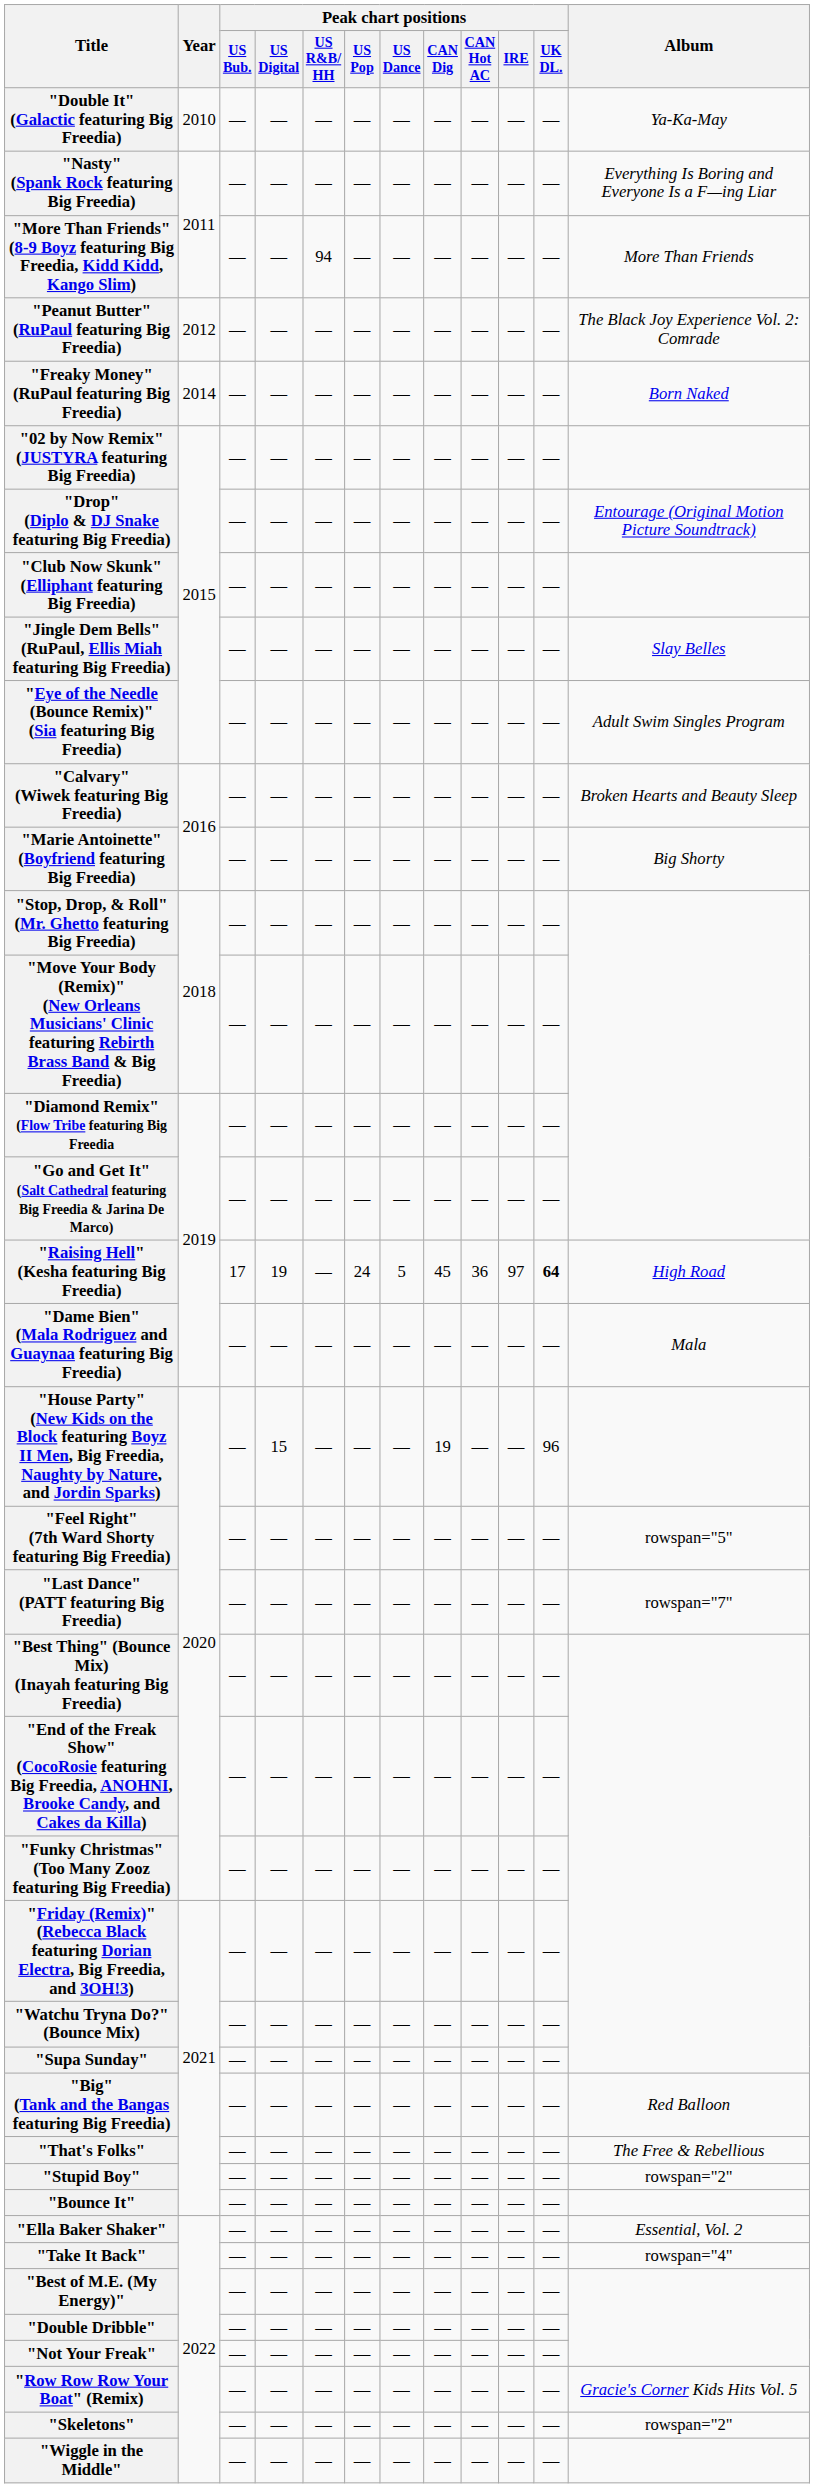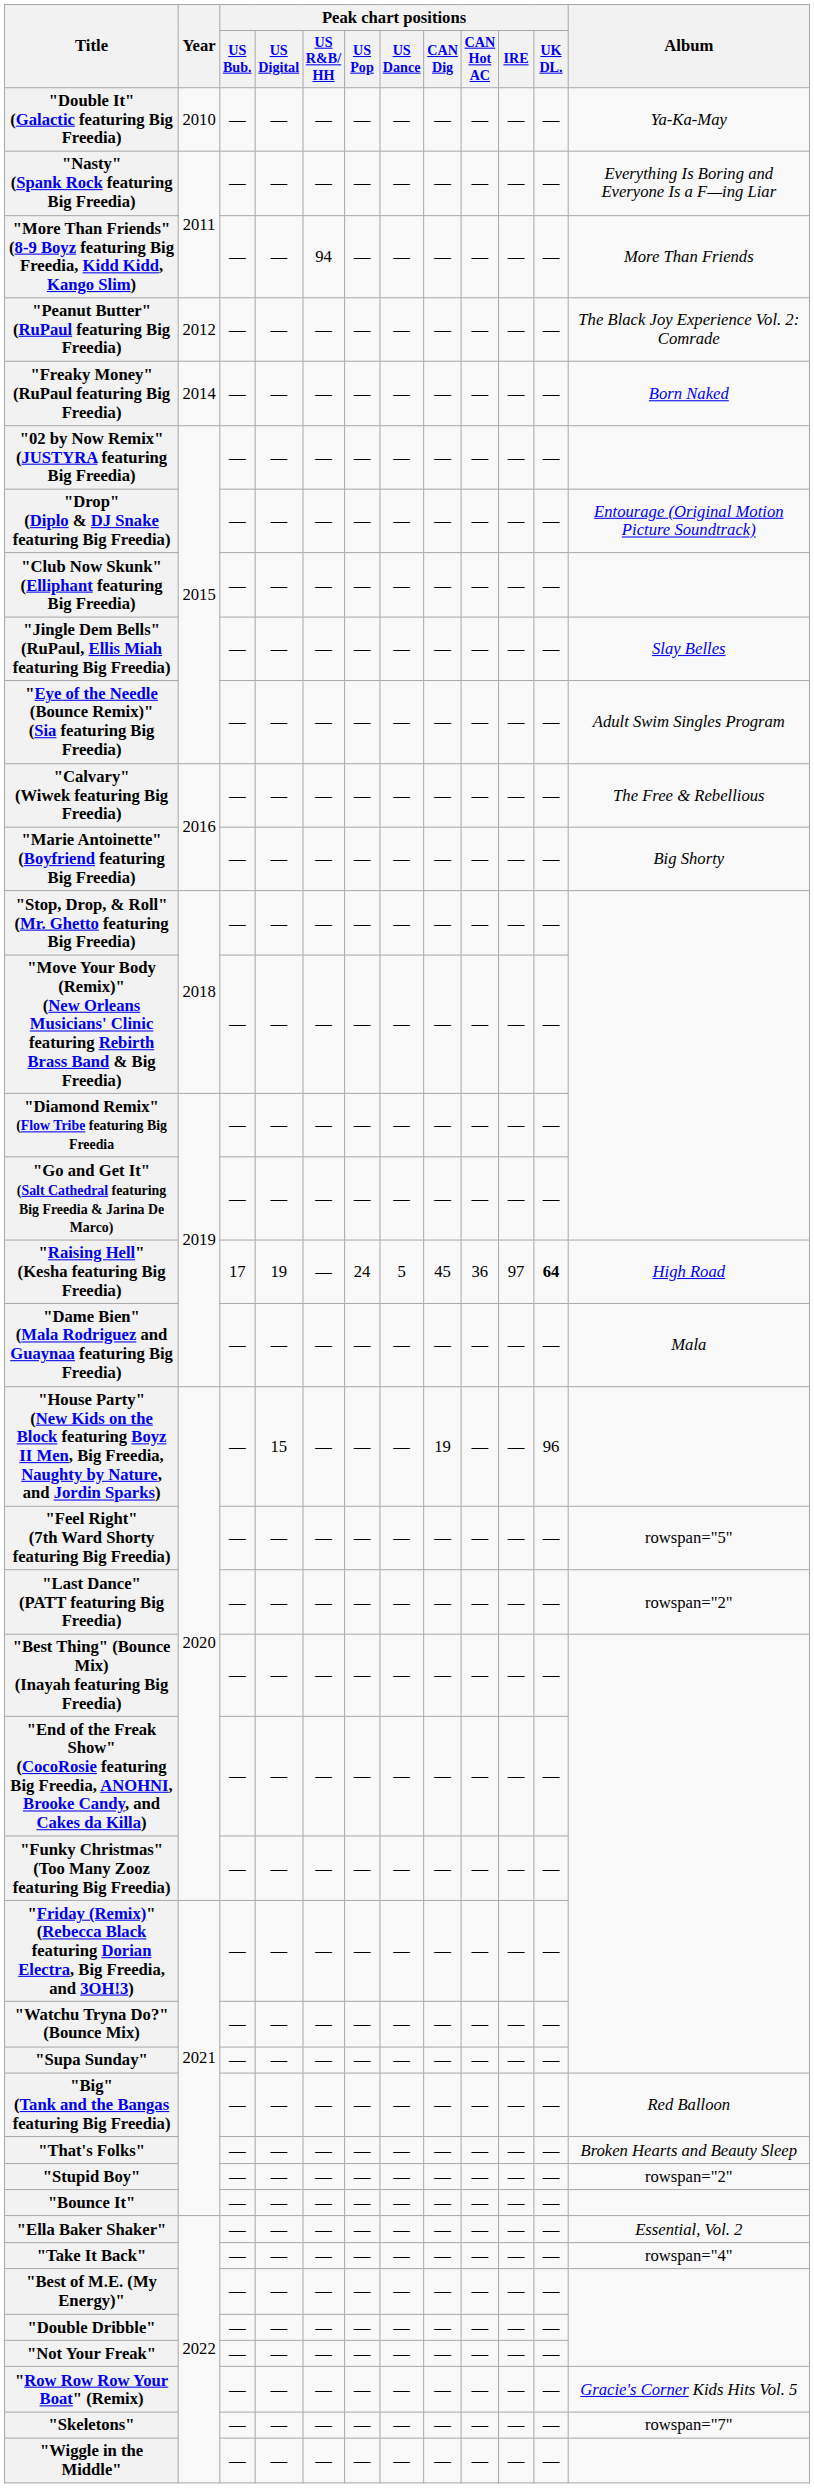 <table class="wikitable plainrowheaders" style="text-align: center;">
 <tr>
 <th scope="col" rowspan="2" style="width:10em;">Title</th>
 <th scope="col" rowspan="2" style="width:1em;">Year</th>
 <th scope="col" colspan="9">Peak chart positions</th>
 <th scope="col" rowspan="2" style="width:14em;">Album</th>
 </tr>
 <tr>
 <th scope="col" style="width:2em;font-size:85%;"><a href='#'>US<br>Bub.</a><br></th>
 <th scope="col" style="width:2em;font-size:85%;"><a href='#'>US<br>Digital</a><br></th>
 <th scope="col" style="width:2em;font-size:85%;"><a href='#'>US<br>R&B/<br>HH</a><br></th>
 <th scope="col" style="width:2em;font-size:85%;"><a href='#'>US<br>Pop</a><br></th>
 <th scope="col" style="width:2em;font-size:85%;"><a href='#'>US<br>Dance</a><br></th>
 <th scope="col" style="width:2em;font-size:85%;"><a href='#'>CAN<br>Dig</a><br></th>
 <th scope="col" style="width:2em;font-size:85%;"><a href='#'>CAN<br>Hot<br>AC</a><br></th>
 <th scope="col" style="width:2em;font-size:85%;"><a href='#'>IRE</a><br></th>
 <th scope="col" style="width:2em;font-size:85%;"><a href='#'>UK<br>DL.</a></th>
 </tr>
 <tr>
 <th scope="row">"Double It"<br><span>(<a href='#'>Galactic</a> featuring Big Freedia)</span></th>
 <td>2010</td>
 <td>—</td>
 <td>—</td>
 <td>—</td>
 <td>—</td>
 <td>—</td>
 <td>—</td>
 <td>—</td>
 <td>—</td>
 <td>—</td>
 <td><em>Ya-Ka-May</em></td>
 </tr>
 <tr>
 <th scope="row">"Nasty"<br><span>(<a href='#'>Spank Rock</a> featuring Big Freedia)</span></th>
 <td rowspan="2">2011</td>
 <td>—</td>
 <td>—</td>
 <td>—</td>
 <td>—</td>
 <td>—</td>
 <td>—</td>
 <td>—</td>
 <td>—</td>
 <td>—</td>
 <td><em>Everything Is Boring and Everyone Is a F—ing Liar</em></td>
 </tr>
 <tr>
 <th scope="row">"More Than Friends"<br><span>(<a href='#'>8-9 Boyz</a> featuring Big Freedia, <a href='#'>Kidd Kidd</a>, <a href='#'>Kango Slim</a>)</span></th>
 <td>—</td>
 <td>—</td>
 <td>94</td>
 <td>—</td>
 <td>—</td>
 <td>—</td>
 <td>—</td>
 <td>—</td>
 <td>—</td>
 <td><em>More Than Friends</em></td>
 </tr>
 <tr>
 <th scope="row">"Peanut Butter"<br><span>(<a href='#'>RuPaul</a> featuring Big Freedia)</span></th>
 <td>2012</td>
 <td>—</td>
 <td>—</td>
 <td>—</td>
 <td>—</td>
 <td>—</td>
 <td>—</td>
 <td>—</td>
 <td>—</td>
 <td>—</td>
 <td><em>The Black Joy Experience Vol. 2: Comrade </em></td>
 </tr>
 <tr>
 <th scope="row">"Freaky Money"<br><span>(RuPaul featuring Big Freedia)</span></th>
 <td>2014</td>
 <td>—</td>
 <td>—</td>
 <td>—</td>
 <td>—</td>
 <td>—</td>
 <td>—</td>
 <td>—</td>
 <td>—</td>
 <td>—</td>
 <td><em><a href='#'>Born Naked</a></em></td>
 </tr>
 <tr>
 <th scope="row">"02 by Now Remix"<br><span>(<a href='#'>JUSTYRA</a> featuring Big Freedia)</span></th>
 <td rowspan="5">2015</td>
 <td>—</td>
 <td>—</td>
 <td>—</td>
 <td>—</td>
 <td>—</td>
 <td>—</td>
 <td>—</td>
 <td>—</td>
 <td>—</td>
 <td></td>
 </tr>
 <tr>
 <th scope="row">"Drop"<br><span>(<a href='#'>Diplo</a> & <a href='#'>DJ Snake</a> featuring Big Freedia)</span></th>
 <td>—</td>
 <td>—</td>
 <td>—</td>
 <td>—</td>
 <td>—</td>
 <td>—</td>
 <td>—</td>
 <td>—</td>
 <td>—</td>
 <td><em><a href='#'>Entourage (Original Motion Picture Soundtrack)</a></em></td>
 </tr>
 <tr>
 <th scope="row">"Club Now Skunk"<br><span>(<a href='#'>Elliphant</a> featuring Big Freedia)</span></th>
 <td>—</td>
 <td>—</td>
 <td>—</td>
 <td>—</td>
 <td>—</td>
 <td>—</td>
 <td>—</td>
 <td>—</td>
 <td>—</td>
 <td></td>
 </tr>
 <tr>
 <th scope="row">"Jingle Dem Bells"<br><span>(RuPaul, <a href='#'>Ellis Miah</a> featuring Big Freedia)</span></th>
 <td>—</td>
 <td>—</td>
 <td>—</td>
 <td>—</td>
 <td>—</td>
 <td>—</td>
 <td>—</td>
 <td>—</td>
 <td>—</td>
 <td><em><a href='#'>Slay Belles</a></em></td>
 </tr>
 <tr>
 <th scope="row">"<a href='#'>Eye of the Needle</a> (Bounce Remix)"<br><span>(<a href='#'>Sia</a> featuring Big Freedia)</span></th>
 <td>—</td>
 <td>—</td>
 <td>—</td>
 <td>—</td>
 <td>—</td>
 <td>—</td>
 <td>—</td>
 <td>—</td>
 <td>—</td>
 <td><em>Adult Swim Singles Program</em></td>
 </tr>
 <tr>
 <th scope="row">"Calvary"<br><span>(Wiwek featuring Big Freedia)</span></th>
 <td rowspan="2">2016</td>
 <td>—</td>
 <td>—</td>
 <td>—</td>
 <td>—</td>
 <td>—</td>
 <td>—</td>
 <td>—</td>
 <td>—</td>
 <td>—</td>
-<td><em>Broken Hearts and Beauty Sleep</em></td>
+<td><em>The Free & Rebellious</em></td>
 </tr>
 <tr>
 <th scope="row">"Marie Antoinette"<br><span>(<a href='#'>Boyfriend</a> featuring Big Freedia)</span></th>
 <td>—</td>
 <td>—</td>
 <td>—</td>
 <td>—</td>
 <td>—</td>
 <td>—</td>
 <td>—</td>
 <td>—</td>
 <td>—</td>
 <td><em>Big Shorty</em></td>
 </tr>
 <tr>
 <th scope="row">"Stop, Drop, & Roll"<br><span>(<a href='#'>Mr. Ghetto</a> featuring Big Freedia)</span></th>
 <td rowspan="2">2018</td>
 <td>—</td>
 <td>—</td>
 <td>—</td>
 <td>—</td>
 <td>—</td>
 <td>—</td>
 <td>—</td>
 <td>—</td>
 <td>—</td>
 </tr>
 <tr>
 <th scope="row">"Move Your Body (Remix)"<br><span>(<a href='#'>New Orleans Musicians' Clinic</a> featuring <a href='#'>Rebirth Brass Band</a> & Big Freedia)</span></th>
 <td>—</td>
 <td>—</td>
 <td>—</td>
 <td>—</td>
 <td>—</td>
 <td>—</td>
 <td>—</td>
 <td>—</td>
 <td>—</td>
 </tr>
 <tr>
 <th scope="row">"Diamond Remix"<br><small>(<a href='#'>Flow Tribe</a> featuring Big Freedia</small></th>
 <td rowspan="4">2019</td>
 <td>—</td>
 <td>—</td>
 <td>—</td>
 <td>—</td>
 <td>—</td>
 <td>—</td>
 <td>—</td>
 <td>—</td>
 <td>—</td>
 </tr>
 <tr>
 <th scope="row">"Go and Get It"<br><small>(<a href='#'>Salt Cathedral</a> featuring Big Freedia & Jarina De Marco)</small></th>
 <td>—</td>
 <td>—</td>
 <td>—</td>
 <td>—</td>
 <td>—</td>
 <td>—</td>
 <td>—</td>
 <td>—</td>
 <td>—</td>
 </tr>
 <tr>
 <th scope="row">"<a href='#'>Raising Hell</a>" <br><span>(Kesha featuring Big Freedia)</span></th>
 <td>17</td>
 <td>19</td>
 <td>—</td>
 <td>24</td>
 <td>5</td>
 <td>45</td>
 <td>36</td>
 <td>97</td>
 <td><strong>64</strong></td>
 <td><em><a href='#'>High Road</a></em></td>
 </tr>
 <tr>
 <th scope="row">"Dame Bien" <br><span>(<a href='#'>Mala Rodriguez</a> and <a href='#'>Guaynaa</a> featuring Big Freedia)</span></th>
 <td>—</td>
 <td>—</td>
 <td>—</td>
 <td>—</td>
 <td>—</td>
 <td>—</td>
 <td>—</td>
 <td>—</td>
 <td>—</td>
 <td><em>Mala</em></td>
 </tr>
 <tr>
 <th scope="row">"House Party" <br><span>(<a href='#'>New Kids on the Block</a> featuring  <a href='#'>Boyz II Men</a>, Big Freedia, <a href='#'>Naughty by Nature</a>, and <a href='#'>Jordin Sparks</a>)</span></th>
 <td rowspan="6">2020</td>
 <td>—</td>
 <td>15</td>
 <td>—</td>
 <td>—</td>
 <td>—</td>
 <td>19</td>
 <td>—</td>
 <td>—</td>
 <td>96</td>
 <td></td>
 </tr>
 <tr>
 <th scope="row">"Feel Right" <br><span>(7th Ward Shorty featuring Big Freedia)</span></th>
 <td>—</td>
 <td>—</td>
 <td>—</td>
 <td>—</td>
 <td>—</td>
 <td>—</td>
 <td>—</td>
 <td>—</td>
 <td>—</td>
 <td>rowspan="5" </td>
 </tr>
 <tr>
 <th scope="row">"Last Dance" <br><span>(PATT featuring Big Freedia)</span></th>
 <td>—</td>
 <td>—</td>
 <td>—</td>
 <td>—</td>
 <td>—</td>
 <td>—</td>
 <td>—</td>
 <td>—</td>
 <td>—</td>
-<td>rowspan="7" </td>
+<td>rowspan="2" </td>
 </tr>
 <tr>
 <th scope="row">"Best Thing" (Bounce Mix) <br><span>(Inayah featuring Big Freedia)</span></th>
 <td>—</td>
 <td>—</td>
 <td>—</td>
 <td>—</td>
 <td>—</td>
 <td>—</td>
 <td>—</td>
 <td>—</td>
 <td>—</td>
 </tr>
 <tr>
 <th scope="row">"End of the Freak Show"<br><span>(<a href='#'>CocoRosie</a> featuring Big Freedia, <a href='#'>ANOHNI</a>, <a href='#'>Brooke Candy</a>, and <a href='#'>Cakes da Killa</a>)</span></th>
 <td>—</td>
 <td>—</td>
 <td>—</td>
 <td>—</td>
 <td>—</td>
 <td>—</td>
 <td>—</td>
 <td>—</td>
 <td>—</td>
 </tr>
 <tr>
 <th scope="row">"Funky Christmas" <br><span>(Too Many Zooz featuring Big Freedia)</span></th>
 <td>—</td>
 <td>—</td>
 <td>—</td>
 <td>—</td>
 <td>—</td>
 <td>—</td>
 <td>—</td>
 <td>—</td>
 <td>—</td>
 </tr>
 <tr>
 <th scope="row">"<a href='#'>Friday (Remix)</a>" <br><span>(<a href='#'>Rebecca Black</a> featuring <a href='#'>Dorian Electra</a>, Big Freedia, and <a href='#'>3OH!3</a>)</span></th>
 <td rowspan="7">2021</td>
 <td>—</td>
 <td>—</td>
 <td>—</td>
 <td>—</td>
 <td>—</td>
 <td>—</td>
 <td>—</td>
 <td>—</td>
 <td>—</td>
 </tr>
 <tr>
 <th scope="row">"Watchu Tryna Do?" (Bounce Mix) </th>
 <td>—</td>
 <td>—</td>
 <td>—</td>
 <td>—</td>
 <td>—</td>
 <td>—</td>
 <td>—</td>
 <td>—</td>
 <td>—</td>
 </tr>
 <tr>
 <th scope="row">"Supa Sunday"<br></th>
 <td>—</td>
 <td>—</td>
 <td>—</td>
 <td>—</td>
 <td>—</td>
 <td>—</td>
 <td>—</td>
 <td>—</td>
 <td>—</td>
 </tr>
 <tr>
 <th scope="row">"Big" <br><span>(<a href='#'>Tank and the Bangas</a> featuring Big Freedia)</span></th>
 <td>—</td>
 <td>—</td>
 <td>—</td>
 <td>—</td>
 <td>—</td>
 <td>—</td>
 <td>—</td>
 <td>—</td>
 <td>—</td>
 <td><em>Red Balloon</em></td>
 </tr>
 <tr>
 <th scope="row">"That's Folks"<br></th>
 <td>—</td>
 <td>—</td>
 <td>—</td>
 <td>—</td>
 <td>—</td>
 <td>—</td>
 <td>—</td>
 <td>—</td>
 <td>—</td>
-<td><em>The Free & Rebellious</em></td>
+<td><em>Broken Hearts and Beauty Sleep</em></td>
 </tr>
 <tr>
 <th scope="row">"Stupid Boy"<br></th>
 <td>—</td>
 <td>—</td>
 <td>—</td>
 <td>—</td>
 <td>—</td>
 <td>—</td>
 <td>—</td>
 <td>—</td>
 <td>—</td>
 <td>rowspan="2" </td>
 </tr>
 <tr>
 <th scope="row">"Bounce It"<br></th>
 <td>—</td>
 <td>—</td>
 <td>—</td>
 <td>—</td>
 <td>—</td>
 <td>—</td>
 <td>—</td>
 <td>—</td>
 <td>—</td>
 </tr>
 <tr>
 <th scope="row">"Ella Baker Shaker"<br></th>
 <td rowspan="8">2022</td>
 <td>—</td>
 <td>—</td>
 <td>—</td>
 <td>—</td>
 <td>—</td>
 <td>—</td>
 <td>—</td>
 <td>—</td>
 <td>—</td>
 <td><em>Essential, Vol. 2</em></td>
 </tr>
 <tr>
 <th scope="row">"Take It Back"<br></th>
 <td>—</td>
 <td>—</td>
 <td>—</td>
 <td>—</td>
 <td>—</td>
 <td>—</td>
 <td>—</td>
 <td>—</td>
 <td>—</td>
 <td>rowspan="4" </td>
 </tr>
 <tr>
 <th scope="row">"Best of M.E. (My Energy)"<br></th>
 <td>—</td>
 <td>—</td>
 <td>—</td>
 <td>—</td>
 <td>—</td>
 <td>—</td>
 <td>—</td>
 <td>—</td>
 <td>—</td>
 </tr>
 <tr>
 <th scope="row">"Double Dribble"<br></th>
 <td>—</td>
 <td>—</td>
 <td>—</td>
 <td>—</td>
 <td>—</td>
 <td>—</td>
 <td>—</td>
 <td>—</td>
 <td>—</td>
 </tr>
 <tr>
 <th scope="row">"Not Your Freak"<br></th>
 <td>—</td>
 <td>—</td>
 <td>—</td>
 <td>—</td>
 <td>—</td>
 <td>—</td>
 <td>—</td>
 <td>—</td>
 <td>—</td>
 </tr>
 <tr>
 <th scope="row">"<a href='#'>Row Row Row Your Boat</a>" (Remix)<br></th>
 <td>—</td>
 <td>—</td>
 <td>—</td>
 <td>—</td>
 <td>—</td>
 <td>—</td>
 <td>—</td>
 <td>—</td>
 <td>—</td>
 <td><em><a href='#'>Gracie's Corner</a> Kids Hits Vol. 5</em></td>
 </tr>
 <tr>
 <th scope="row">"Skeletons"<br></th>
 <td>—</td>
 <td>—</td>
 <td>—</td>
 <td>—</td>
 <td>—</td>
 <td>—</td>
 <td>—</td>
 <td>—</td>
 <td>—</td>
-<td>rowspan="2" </td>
+<td>rowspan="7" </td>
 </tr>
 <tr>
 <th scope="row">"Wiggle in the Middle"<br></th>
 <td>—</td>
 <td>—</td>
 <td>—</td>
 <td>—</td>
 <td>—</td>
 <td>—</td>
 <td>—</td>
 <td>—</td>
 <td>—</td>
 </tr>
 </table>
